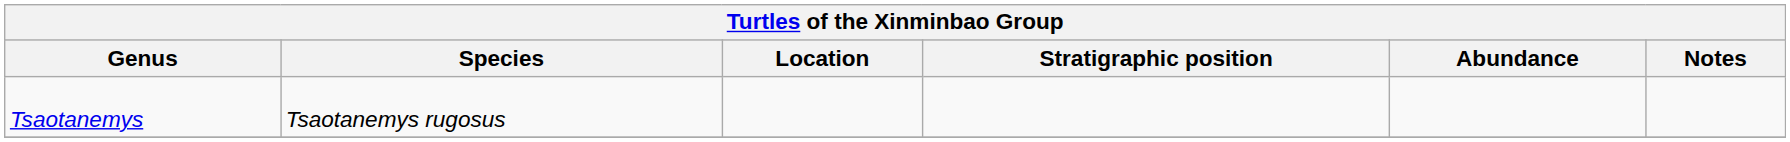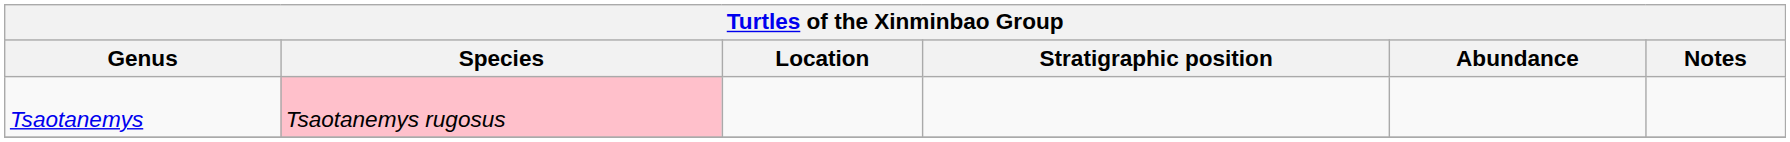 <table class="wikitable" align="center" width="100%">
 <tr>
 <th colspan="7" align="center"><strong><a href='#'>Turtles</a> of the Xinminbao Group</strong></th>
 </tr>
 <tr>
 <th>Genus</th>
 <th>Species</th>
 <th>Location</th>
 <th>Stratigraphic position</th>
 <th>Abundance</th>
 <th>Notes<br></th>
 </tr>
 <tr>
 <td><br><em><a href='#'>Tsaotanemys</a></em></td>
-<td><br><em>Tsaotanemys rugosus</em></td>
+<td style="background: pink;"><br><em>Tsaotanemys rugosus</em></td>
 <td></td>
 <td></td>
 <td></td>
 <td><br></td>
 </tr>
 <tr>
 </tr>
 </table>
